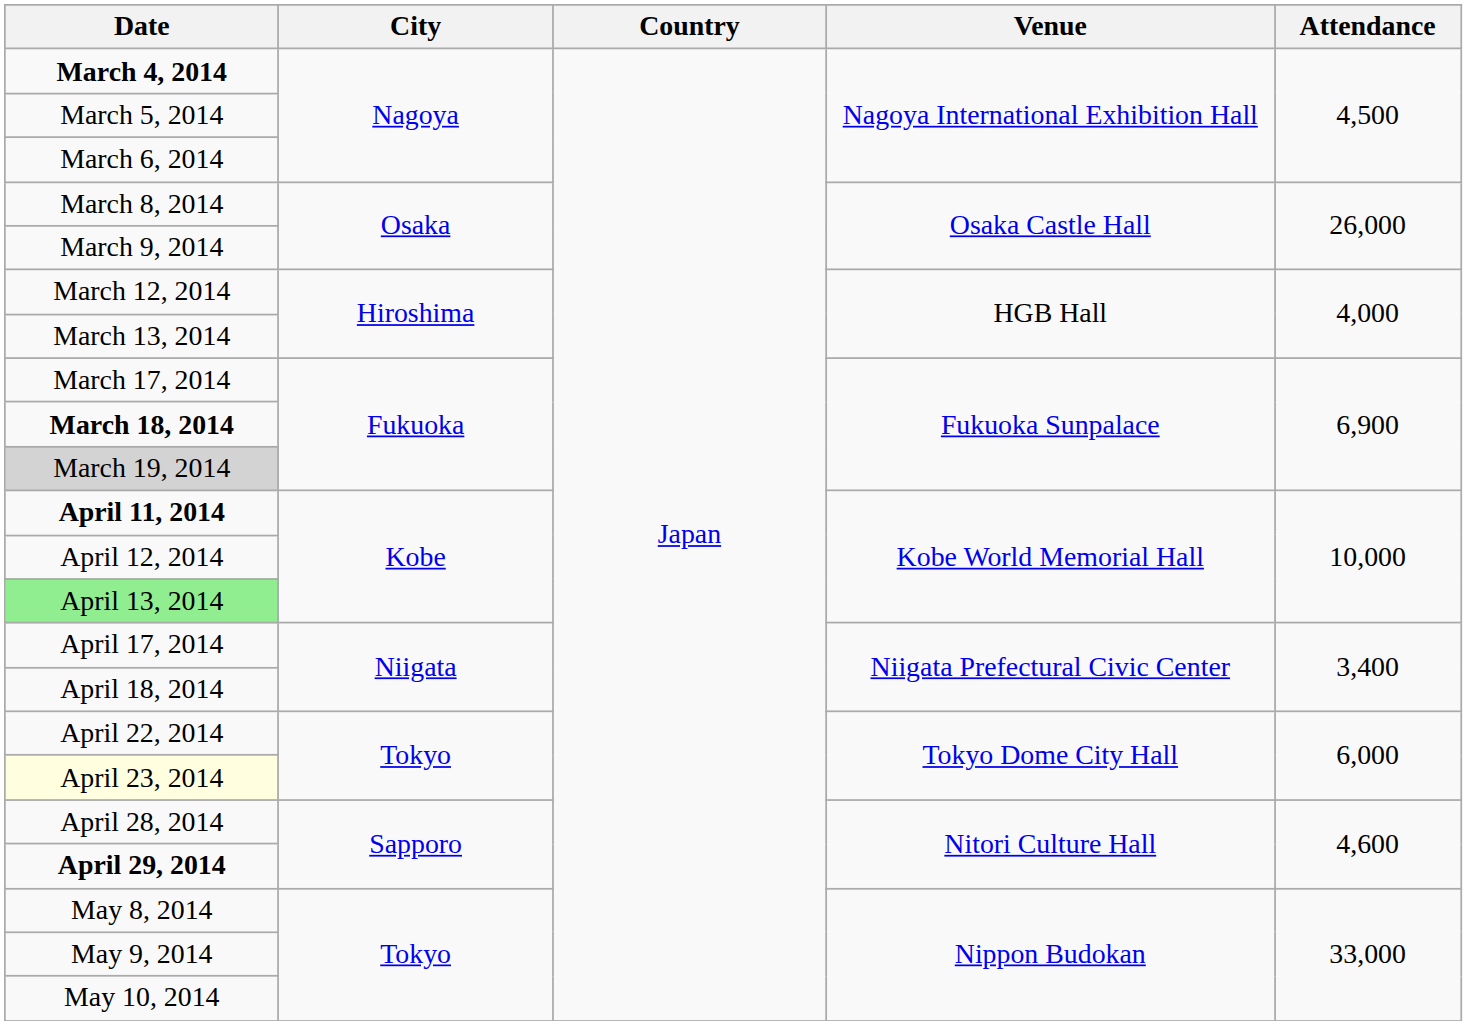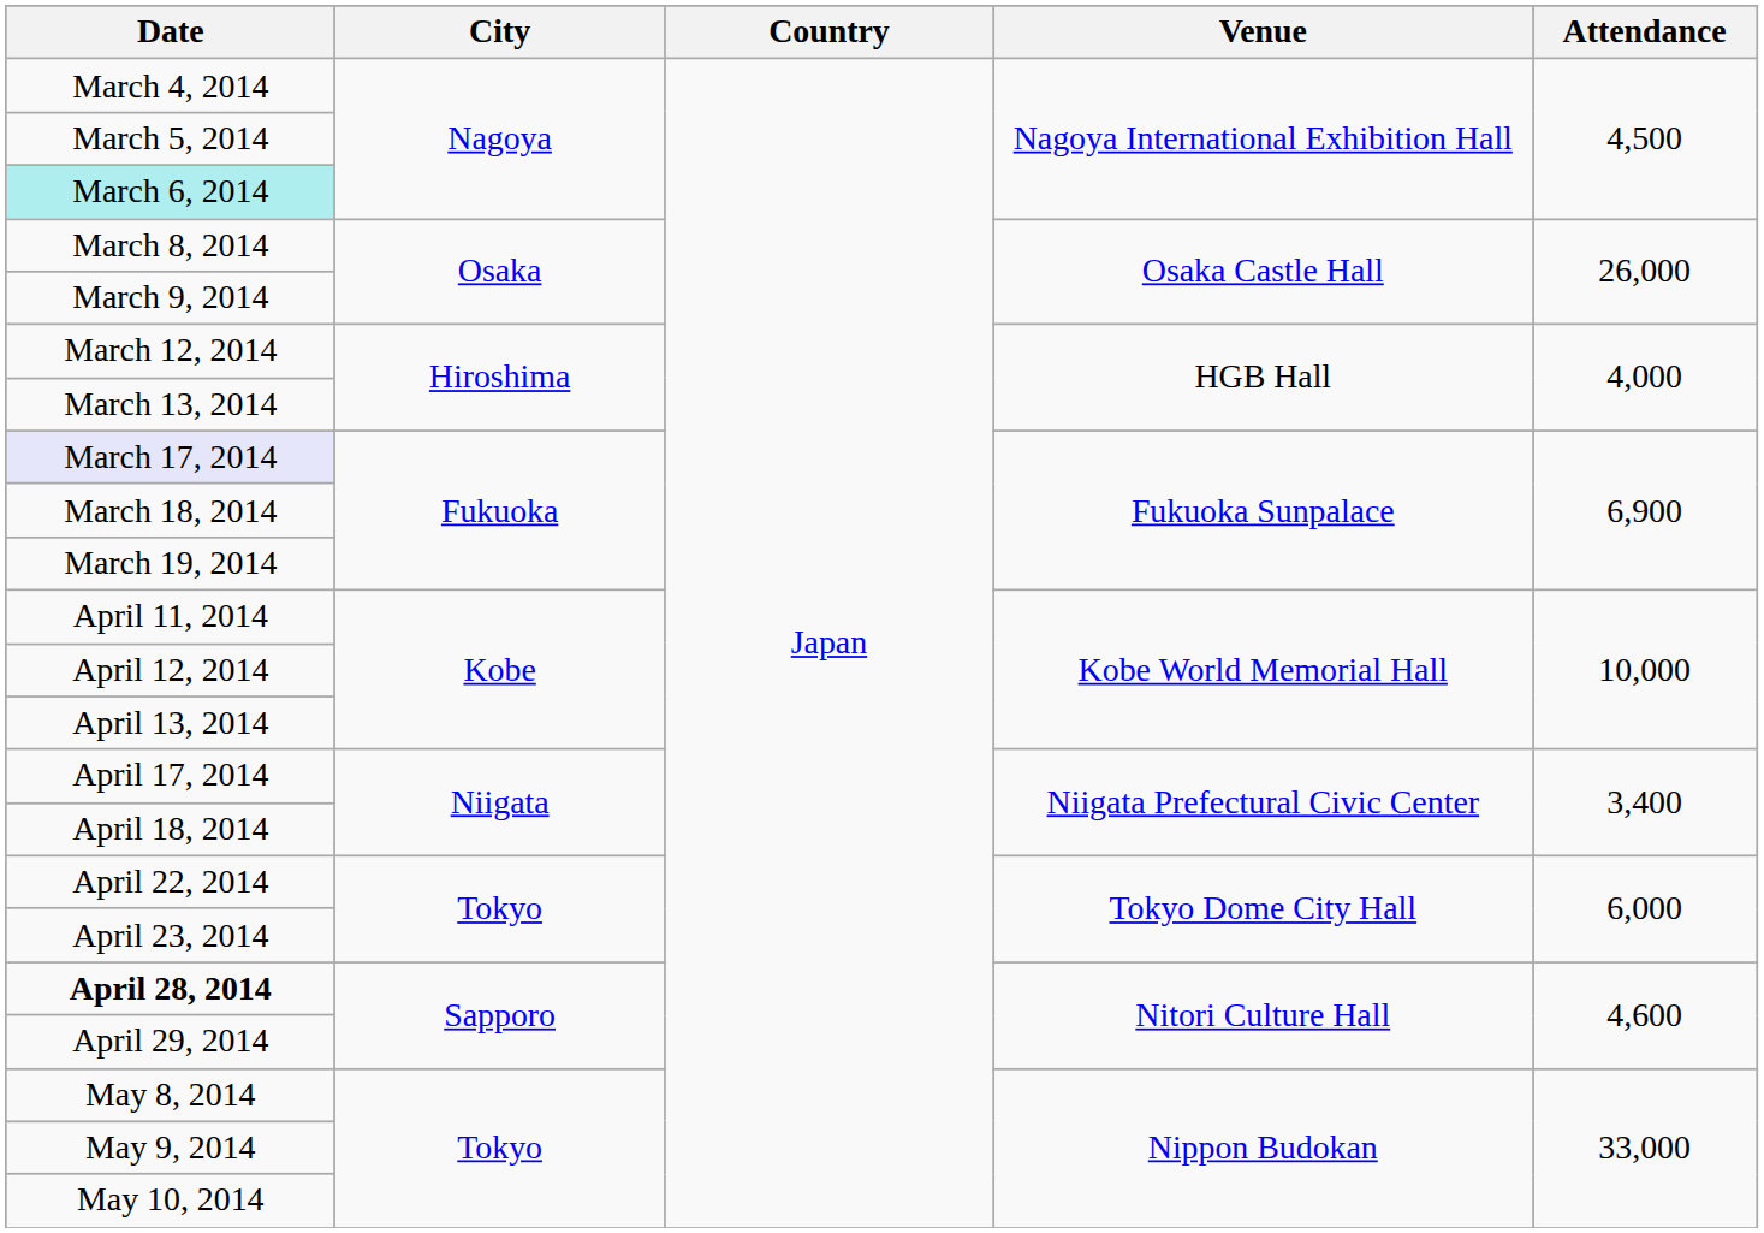 <table class="wikitable" style="text-align:center;">
 <tr>
 <th width="150">Date</th>
 <th width="150">City</th>
 <th width="150">Country</th>
 <th width="250">Venue</th>
 <th width="100">Attendance</th>
 </tr>
 <tr>
-<td><strong>March 4, 2014</strong></td>
+<td>March 4, 2014</td>
 <td rowspan="3"><a href='#'>Nagoya</a></td>
 <td rowspan="22"><a href='#'>Japan</a></td>
 <td rowspan="3"><a href='#'>Nagoya International Exhibition Hall</a></td>
 <td rowspan="3">4,500</td>
 </tr>
 <tr>
 <td>March 5, 2014</td>
 </tr>
 <tr>
-<td>March 6, 2014</td>
+<td style="background: paleturquoise;">March 6, 2014</td>
 </tr>
 <tr>
 <td>March 8, 2014</td>
 <td rowspan="2"><a href='#'>Osaka</a></td>
 <td rowspan="2"><a href='#'>Osaka Castle Hall</a></td>
 <td rowspan="2">26,000</td>
 </tr>
 <tr>
 <td>March 9, 2014</td>
 </tr>
 <tr>
 <td>March 12, 2014</td>
 <td rowspan="2"><a href='#'>Hiroshima</a></td>
 <td rowspan="2">HGB Hall</td>
 <td rowspan="2">4,000</td>
 </tr>
 <tr>
 <td>March 13, 2014</td>
 </tr>
 <tr>
-<td>March 17, 2014</td>
+<td style="background: lavender;">March 17, 2014</td>
 <td rowspan="3"><a href='#'>Fukuoka</a></td>
 <td rowspan="3"><a href='#'>Fukuoka Sunpalace</a></td>
 <td rowspan="3">6,900</td>
 </tr>
 <tr>
-<td><strong>March 18, 2014</strong></td>
+<td>March 18, 2014</td>
 </tr>
 <tr>
-<td style="background: lightgrey;">March 19, 2014</td>
+<td>March 19, 2014</td>
 </tr>
 <tr>
-<td><strong>April 11, 2014</strong></td>
+<td>April 11, 2014</td>
 <td rowspan="3"><a href='#'>Kobe</a></td>
 <td rowspan="3"><a href='#'>Kobe World Memorial Hall</a></td>
 <td rowspan="3">10,000</td>
 </tr>
 <tr>
 <td>April 12, 2014</td>
 </tr>
 <tr>
-<td style="background: lightgreen;">April 13, 2014</td>
+<td>April 13, 2014</td>
 </tr>
 <tr>
 <td>April 17, 2014</td>
 <td rowspan="2"><a href='#'>Niigata</a></td>
 <td rowspan="2"><a href='#'>Niigata Prefectural Civic Center</a></td>
 <td rowspan="2">3,400</td>
 </tr>
 <tr>
 <td>April 18, 2014</td>
 </tr>
 <tr>
 <td>April 22, 2014</td>
 <td rowspan="2"><a href='#'>Tokyo</a></td>
 <td rowspan="2"><a href='#'>Tokyo Dome City Hall</a></td>
 <td rowspan="2">6,000</td>
 </tr>
 <tr>
-<td style="background: lightyellow;">April 23, 2014</td>
+<td>April 23, 2014</td>
 </tr>
 <tr>
-<td>April 28, 2014</td>
+<td><strong>April 28, 2014</strong></td>
 <td rowspan="2"><a href='#'>Sapporo</a></td>
 <td rowspan="2"><a href='#'>Nitori Culture Hall</a></td>
 <td rowspan="2">4,600</td>
 </tr>
 <tr>
-<td><strong>April 29, 2014</strong></td>
+<td>April 29, 2014</td>
 </tr>
 <tr>
 <td>May 8, 2014</td>
 <td rowspan="3"><a href='#'>Tokyo</a></td>
 <td rowspan="3"><a href='#'>Nippon Budokan</a></td>
 <td rowspan="3">33,000</td>
 </tr>
 <tr>
 <td>May 9, 2014</td>
 </tr>
 <tr>
 <td>May 10, 2014</td>
 </tr>
 </table>
